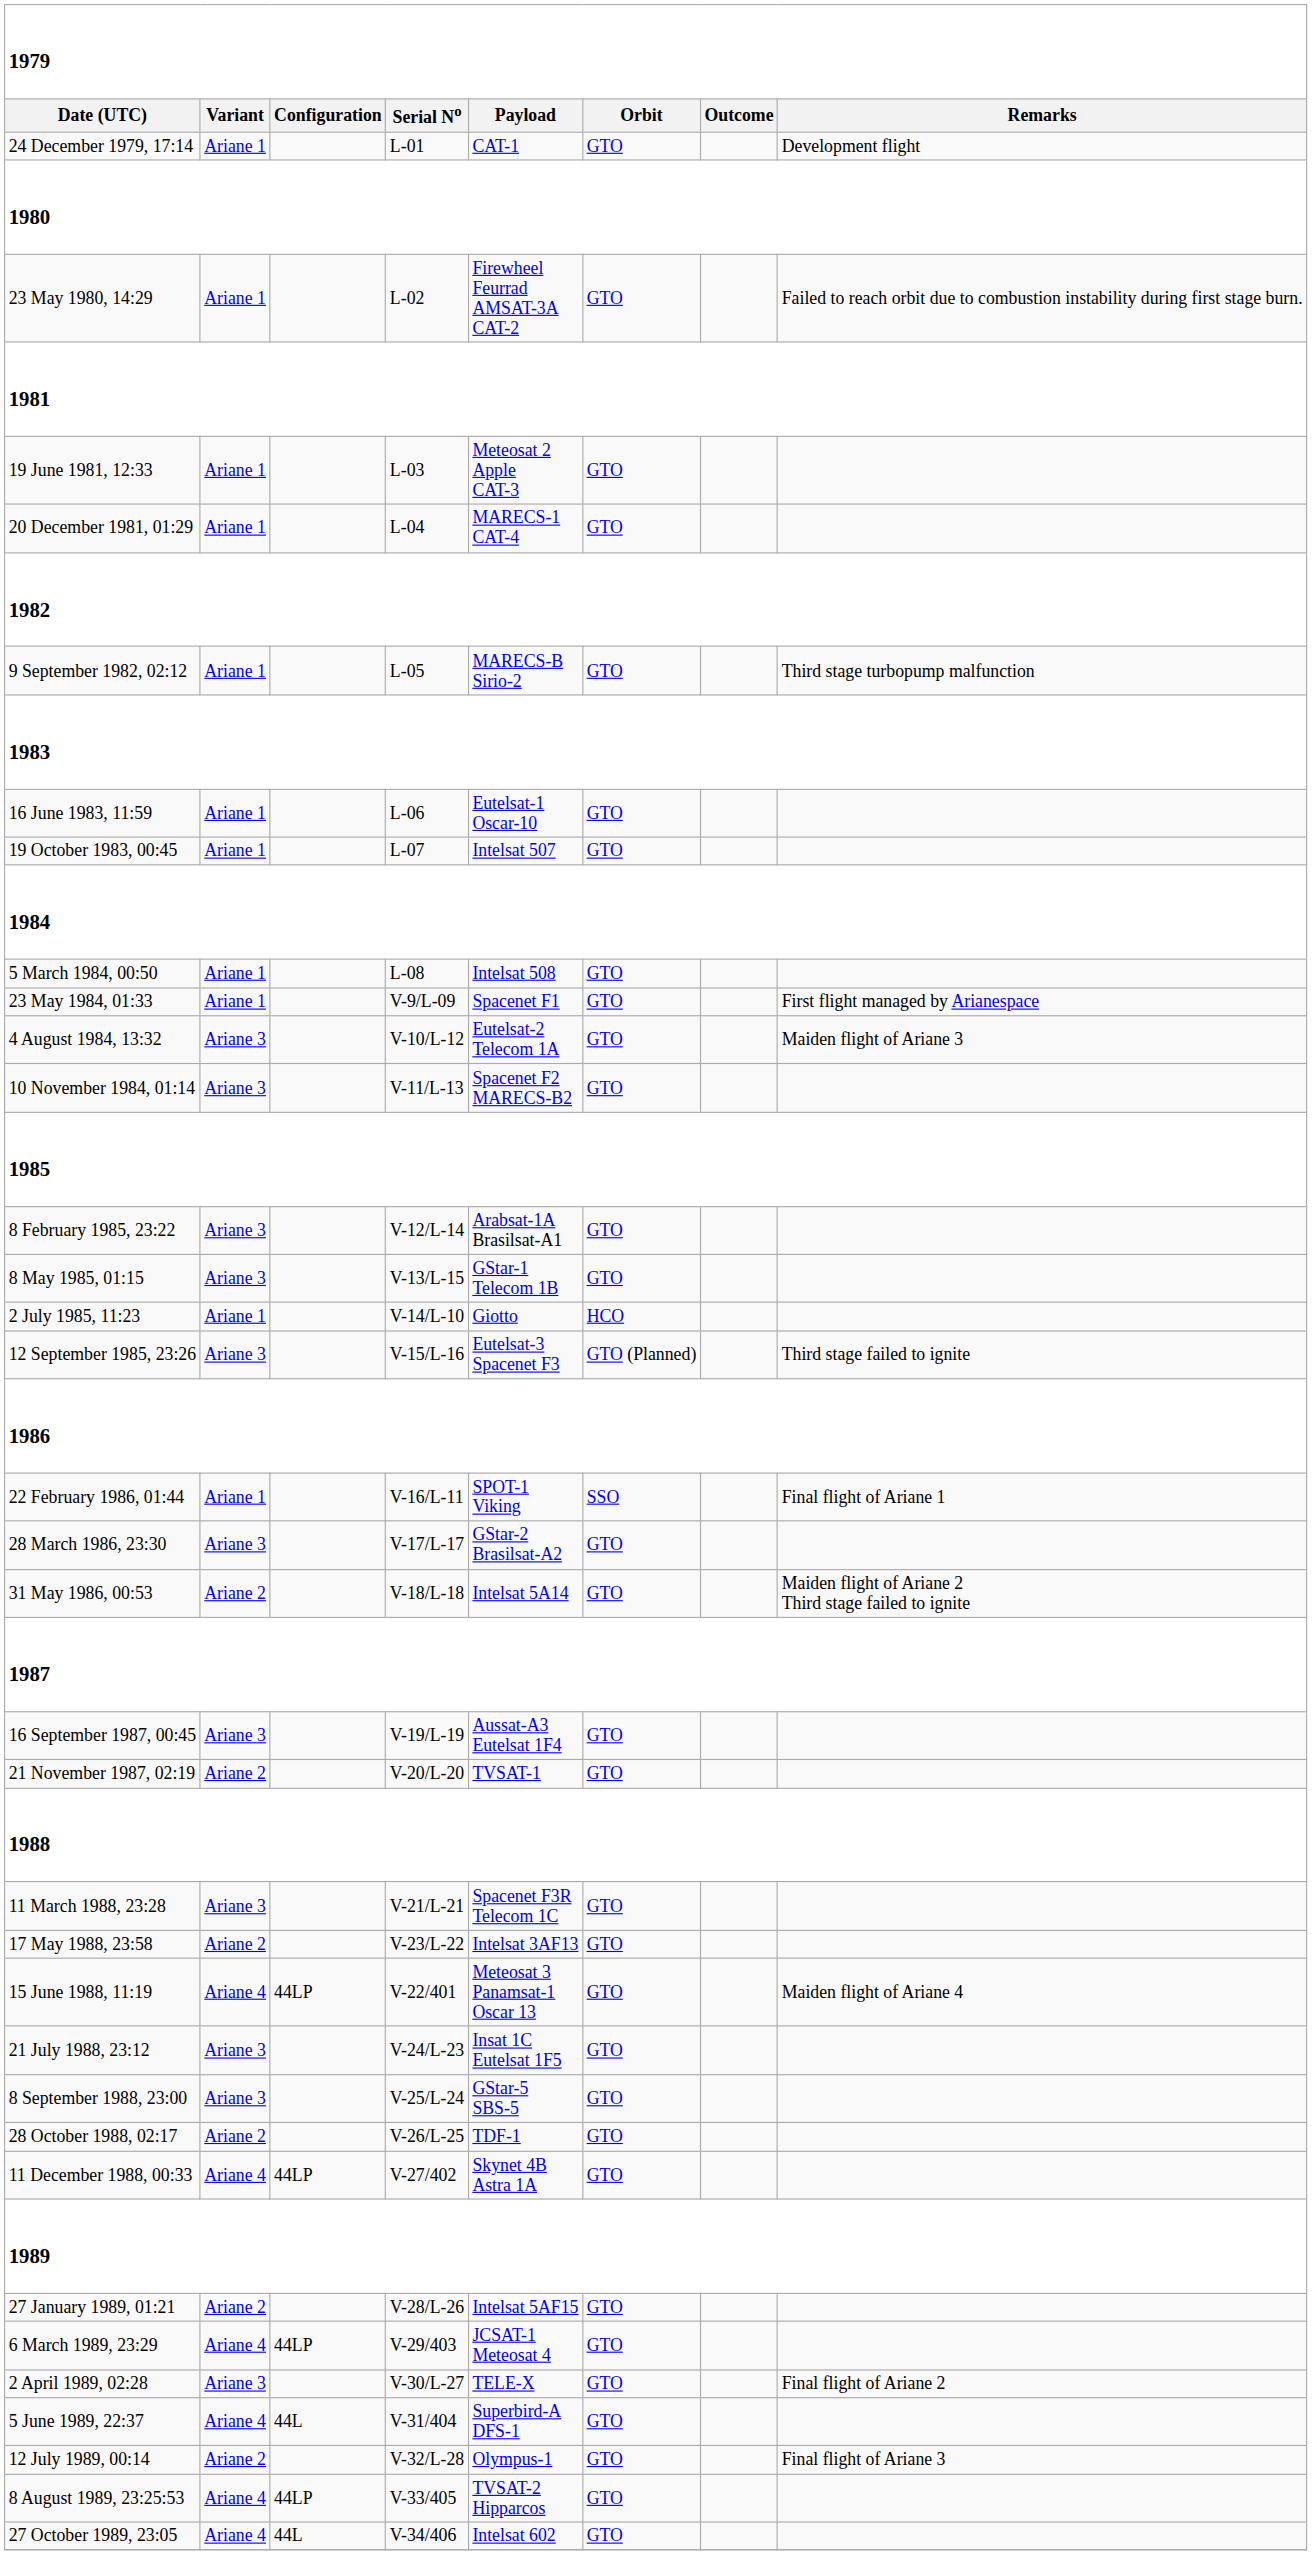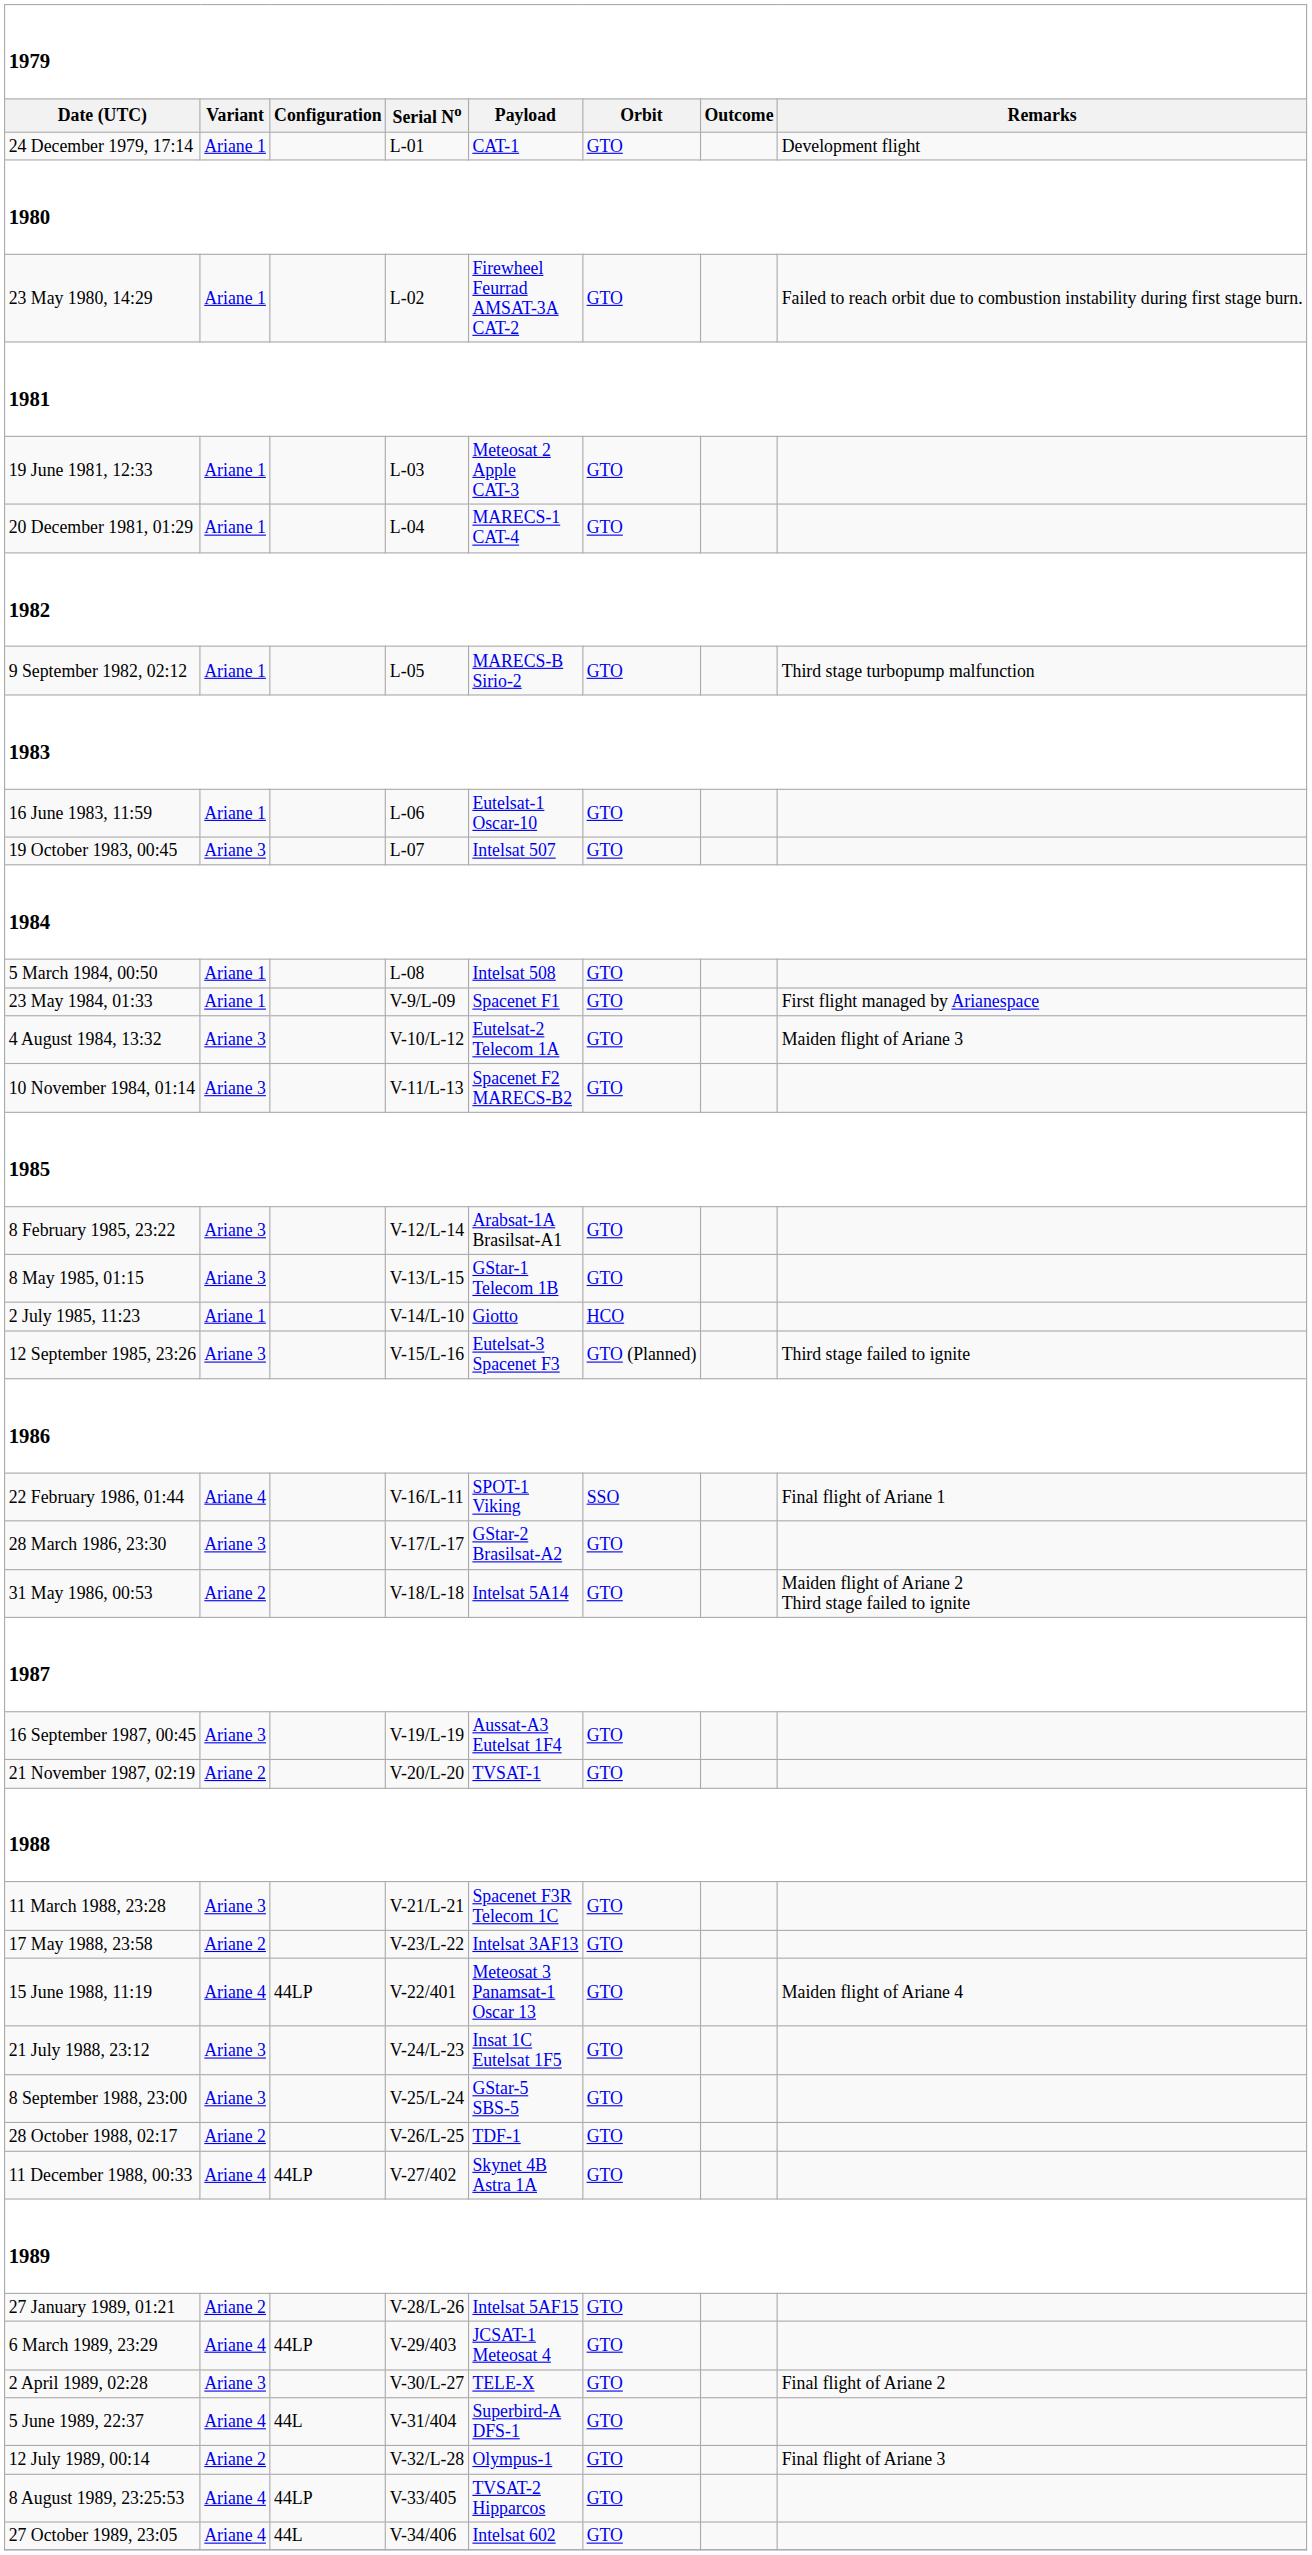 <table class="wikitable">
 <tr>
 <td colspan="8" style="background:white;"><br><h3>1979</h3></td>
 </tr>
 <tr>
 <th>Date (UTC)</th>
 <th>Variant</th>
 <th>Configuration</th>
 <th>Serial N<sup>o</sup></th>
 <th>Payload</th>
 <th>Orbit</th>
 <th>Outcome</th>
 <th>Remarks</th>
 </tr>
 <tr>
 <td>24 December 1979, 17:14</td>
 <td><a href='#'>Ariane 1</a></td>
 <td></td>
 <td>L-01</td>
 <td><a href='#'>CAT-1</a></td>
 <td><a href='#'>GTO</a></td>
 <td></td>
 <td>Development flight</td>
 </tr>
 <tr>
 <td colspan="8" style="background:white;"><br><h3>1980</h3></td>
 </tr>
 <tr>
 <td>23 May 1980, 14:29</td>
 <td><a href='#'>Ariane 1</a></td>
 <td></td>
 <td>L-02</td>
 <td><a href='#'>Firewheel</a><br><a href='#'>Feurrad</a><br><a href='#'>AMSAT-3A</a><br><a href='#'>CAT-2</a></td>
 <td><a href='#'>GTO</a></td>
 <td></td>
 <td>Failed to reach orbit due to combustion instability during first stage burn.</td>
 </tr>
 <tr>
 <td colspan="8" style="background:white;"><br><h3>1981</h3></td>
 </tr>
 <tr>
 <td>19 June 1981, 12:33</td>
 <td><a href='#'>Ariane 1</a></td>
 <td></td>
 <td>L-03</td>
 <td><a href='#'>Meteosat 2</a><br><a href='#'>Apple</a><br><a href='#'>CAT-3</a></td>
 <td><a href='#'>GTO</a></td>
 <td></td>
 <td></td>
 </tr>
 <tr>
 <td>20 December 1981, 01:29</td>
 <td><a href='#'>Ariane 1</a></td>
 <td></td>
 <td>L-04</td>
 <td><a href='#'>MARECS-1</a><br><a href='#'>CAT-4</a></td>
 <td><a href='#'>GTO</a></td>
 <td></td>
 <td></td>
 </tr>
 <tr>
 <td colspan="8" style="background:white;"><br><h3>1982</h3></td>
 </tr>
 <tr>
 <td>9 September 1982, 02:12</td>
 <td><a href='#'>Ariane 1</a></td>
 <td></td>
 <td>L-05</td>
 <td><a href='#'>MARECS-B</a><br><a href='#'>Sirio-2</a></td>
 <td><a href='#'>GTO</a></td>
 <td></td>
 <td>Third stage turbopump malfunction</td>
 </tr>
 <tr>
 <td colspan="8" style="background:white;"><br><h3>1983</h3></td>
 </tr>
 <tr>
 <td>16 June 1983, 11:59</td>
 <td><a href='#'>Ariane 1</a></td>
 <td></td>
 <td>L-06</td>
 <td><a href='#'>Eutelsat-1</a><br><a href='#'>Oscar-10</a></td>
 <td><a href='#'>GTO</a></td>
 <td></td>
 <td></td>
 </tr>
 <tr>
 <td>19 October 1983, 00:45</td>
-<td><a href='#'>Ariane 1</a></td>
+<td><a href='#'>Ariane 3</a></td>
 <td></td>
 <td>L-07</td>
 <td><a href='#'>Intelsat 507</a></td>
 <td><a href='#'>GTO</a></td>
 <td></td>
 <td></td>
 </tr>
 <tr>
 <td colspan="8" style="background:white;"><br><h3>1984</h3></td>
 </tr>
 <tr>
 <td>5 March 1984, 00:50</td>
 <td><a href='#'>Ariane 1</a></td>
 <td></td>
 <td>L-08</td>
 <td><a href='#'>Intelsat 508</a></td>
 <td><a href='#'>GTO</a></td>
 <td></td>
 <td></td>
 </tr>
 <tr>
 <td>23 May 1984, 01:33</td>
 <td><a href='#'>Ariane 1</a></td>
 <td></td>
 <td>V-9/L-09</td>
 <td><a href='#'>Spacenet F1</a></td>
 <td><a href='#'>GTO</a></td>
 <td></td>
 <td>First flight managed by <a href='#'>Arianespace</a></td>
 </tr>
 <tr>
 <td>4 August 1984, 13:32</td>
 <td><a href='#'>Ariane 3</a></td>
 <td></td>
 <td>V-10/L-12</td>
 <td><a href='#'>Eutelsat-2</a><br><a href='#'>Telecom 1A</a></td>
 <td><a href='#'>GTO</a></td>
 <td></td>
 <td>Maiden flight of Ariane 3</td>
 </tr>
 <tr>
 <td>10 November 1984, 01:14</td>
 <td><a href='#'>Ariane 3</a></td>
 <td></td>
 <td>V-11/L-13</td>
 <td><a href='#'>Spacenet F2</a><br><a href='#'>MARECS-B2</a></td>
 <td><a href='#'>GTO</a></td>
 <td></td>
 <td></td>
 </tr>
 <tr>
 <td colspan="8" style="background:white;"><br><h3>1985</h3></td>
 </tr>
 <tr>
 <td>8 February 1985, 23:22</td>
 <td><a href='#'>Ariane 3</a></td>
 <td></td>
 <td>V-12/L-14</td>
 <td><a href='#'>Arabsat-1A</a><br>Brasilsat-A1</td>
 <td><a href='#'>GTO</a></td>
 <td></td>
 <td></td>
 </tr>
 <tr>
 <td>8 May 1985, 01:15</td>
 <td><a href='#'>Ariane 3</a></td>
 <td></td>
 <td>V-13/L-15</td>
 <td><a href='#'>GStar-1</a><br><a href='#'>Telecom 1B</a></td>
 <td><a href='#'>GTO</a></td>
 <td></td>
 <td></td>
 </tr>
 <tr>
 <td>2 July 1985, 11:23</td>
 <td><a href='#'>Ariane 1</a></td>
 <td></td>
 <td>V-14/L-10</td>
 <td><a href='#'>Giotto</a></td>
 <td><a href='#'>HCO</a></td>
 <td></td>
 <td></td>
 </tr>
 <tr>
 <td>12 September 1985, 23:26</td>
 <td><a href='#'>Ariane 3</a></td>
 <td></td>
 <td>V-15/L-16</td>
 <td><a href='#'>Eutelsat-3</a><br><a href='#'>Spacenet F3</a></td>
 <td><a href='#'>GTO</a> (Planned)</td>
 <td></td>
 <td>Third stage failed to ignite</td>
 </tr>
 <tr>
 <td colspan="8" style="background:white;"><br><h3>1986</h3></td>
 </tr>
 <tr>
 <td>22 February 1986, 01:44</td>
-<td><a href='#'>Ariane 1</a></td>
+<td><a href='#'>Ariane 4</a></td>
 <td></td>
 <td>V-16/L-11</td>
 <td><a href='#'>SPOT-1</a><br><a href='#'>Viking</a></td>
 <td><a href='#'>SSO</a></td>
 <td></td>
 <td>Final flight of Ariane 1</td>
 </tr>
 <tr>
 <td>28 March 1986, 23:30</td>
 <td><a href='#'>Ariane 3</a></td>
 <td></td>
 <td>V-17/L-17</td>
 <td><a href='#'>GStar-2</a><br><a href='#'>Brasilsat-A2</a></td>
 <td><a href='#'>GTO</a></td>
 <td></td>
 <td></td>
 </tr>
 <tr>
 <td>31 May 1986, 00:53</td>
 <td><a href='#'>Ariane 2</a></td>
 <td></td>
 <td>V-18/L-18</td>
 <td><a href='#'>Intelsat 5A14</a></td>
 <td><a href='#'>GTO</a></td>
 <td></td>
 <td>Maiden flight of Ariane 2<br>Third stage failed to ignite</td>
 </tr>
 <tr>
 <td colspan="8" style="background:white;"><br><h3>1987</h3></td>
 </tr>
 <tr>
 <td>16 September 1987, 00:45</td>
 <td><a href='#'>Ariane 3</a></td>
 <td></td>
 <td>V-19/L-19</td>
 <td><a href='#'>Aussat-A3</a><br><a href='#'>Eutelsat 1F4</a></td>
 <td><a href='#'>GTO</a></td>
 <td></td>
 <td></td>
 </tr>
 <tr>
 <td>21 November 1987, 02:19</td>
 <td><a href='#'>Ariane 2</a></td>
 <td></td>
 <td>V-20/L-20</td>
 <td><a href='#'>TVSAT-1</a></td>
 <td><a href='#'>GTO</a></td>
 <td></td>
 <td></td>
 </tr>
 <tr>
 <td colspan="8" style="background:white;"><br><h3>1988</h3></td>
 </tr>
 <tr>
 <td>11 March 1988, 23:28</td>
 <td><a href='#'>Ariane 3</a></td>
 <td></td>
 <td>V-21/L-21</td>
 <td><a href='#'>Spacenet F3R</a><br><a href='#'>Telecom 1C</a></td>
 <td><a href='#'>GTO</a></td>
 <td></td>
 <td></td>
 </tr>
 <tr>
 <td>17 May 1988, 23:58</td>
 <td><a href='#'>Ariane 2</a></td>
 <td></td>
 <td>V-23/L-22</td>
 <td><a href='#'>Intelsat 3AF13</a></td>
 <td><a href='#'>GTO</a></td>
 <td></td>
 <td></td>
 </tr>
 <tr>
 <td>15 June 1988, 11:19</td>
 <td><a href='#'>Ariane 4</a></td>
 <td>44LP</td>
 <td>V-22/401</td>
 <td><a href='#'>Meteosat 3</a><br><a href='#'>Panamsat-1</a><br><a href='#'>Oscar 13</a></td>
 <td><a href='#'>GTO</a></td>
 <td></td>
 <td>Maiden flight of Ariane 4</td>
 </tr>
 <tr>
 <td>21 July 1988, 23:12</td>
 <td><a href='#'>Ariane 3</a></td>
 <td></td>
 <td>V-24/L-23</td>
 <td><a href='#'>Insat 1C</a><br><a href='#'>Eutelsat 1F5</a></td>
 <td><a href='#'>GTO</a></td>
 <td></td>
 <td></td>
 </tr>
 <tr>
 <td>8 September 1988, 23:00</td>
 <td><a href='#'>Ariane 3</a></td>
 <td></td>
 <td>V-25/L-24</td>
 <td><a href='#'>GStar-5</a><br><a href='#'>SBS-5</a></td>
 <td><a href='#'>GTO</a></td>
 <td></td>
 <td></td>
 </tr>
 <tr>
 <td>28 October 1988, 02:17</td>
 <td><a href='#'>Ariane 2</a></td>
 <td></td>
 <td>V-26/L-25</td>
 <td><a href='#'>TDF-1</a></td>
 <td><a href='#'>GTO</a></td>
 <td></td>
 <td></td>
 </tr>
 <tr>
 <td>11 December 1988, 00:33</td>
 <td><a href='#'>Ariane 4</a></td>
 <td>44LP</td>
 <td>V-27/402</td>
 <td><a href='#'>Skynet 4B</a><br><a href='#'>Astra 1A</a></td>
 <td><a href='#'>GTO</a></td>
 <td></td>
 <td></td>
 </tr>
 <tr>
 <td colspan="8" style="background:white;"><br><h3>1989</h3></td>
 </tr>
 <tr>
 <td>27 January 1989, 01:21</td>
 <td><a href='#'>Ariane 2</a></td>
 <td></td>
 <td>V-28/L-26</td>
 <td><a href='#'>Intelsat 5AF15</a></td>
 <td><a href='#'>GTO</a></td>
 <td></td>
 <td></td>
 </tr>
 <tr>
 <td>6 March 1989, 23:29</td>
 <td><a href='#'>Ariane 4</a></td>
 <td>44LP</td>
 <td>V-29/403</td>
 <td><a href='#'>JCSAT-1</a><br><a href='#'>Meteosat 4</a></td>
 <td><a href='#'>GTO</a></td>
 <td></td>
 <td></td>
 </tr>
 <tr>
 <td>2 April 1989, 02:28</td>
 <td><a href='#'>Ariane 3</a></td>
 <td></td>
 <td>V-30/L-27</td>
 <td><a href='#'>TELE-X</a></td>
 <td><a href='#'>GTO</a></td>
 <td></td>
 <td>Final flight of Ariane 2</td>
 </tr>
 <tr>
 <td>5 June 1989, 22:37</td>
 <td><a href='#'>Ariane 4</a></td>
 <td>44L</td>
 <td>V-31/404</td>
 <td><a href='#'>Superbird-A</a><br><a href='#'>DFS-1</a></td>
 <td><a href='#'>GTO</a></td>
 <td></td>
 <td></td>
 </tr>
 <tr>
 <td>12 July 1989, 00:14</td>
 <td><a href='#'>Ariane 2</a></td>
 <td></td>
 <td>V-32/L-28</td>
 <td><a href='#'>Olympus-1</a></td>
 <td><a href='#'>GTO</a></td>
 <td></td>
 <td>Final flight of Ariane 3</td>
 </tr>
 <tr>
 <td>8 August 1989, 23:25:53</td>
 <td><a href='#'>Ariane 4</a></td>
 <td>44LP</td>
 <td>V-33/405</td>
 <td><a href='#'>TVSAT-2</a><br><a href='#'>Hipparcos</a></td>
 <td><a href='#'>GTO</a></td>
 <td></td>
 <td></td>
 </tr>
 <tr>
 <td>27 October 1989, 23:05</td>
 <td><a href='#'>Ariane 4</a></td>
 <td>44L</td>
 <td>V-34/406</td>
 <td><a href='#'>Intelsat 602</a></td>
 <td><a href='#'>GTO</a></td>
 <td></td>
 <td></td>
 </tr>
 <tr>
 </tr>
 </table>
